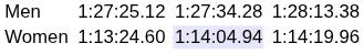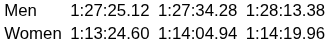 <table>
 <tr>
 <td align="left">Men</td>
 <td></td>
 <td>1:27:25.12</td>
 <td></td>
 <td>1:27:34.28</td>
 <td></td>
 <td>1:28:13.38</td>
 </tr>
 <tr>
 <td align="left">Women</td>
 <td></td>
 <td>1:13:24.60</td>
 <td></td>
-<td style="background: lavender;">1:14:04.94</td>
+<td>1:14:04.94</td>
 <td></td>
 <td>1:14:19.96</td>
 </tr>
 </table>
